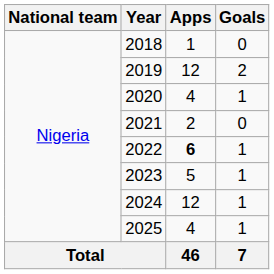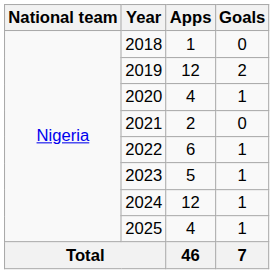 <table class="wikitable" style="text-align:center">
 <tr>
 <th>National team</th>
 <th>Year</th>
 <th>Apps</th>
 <th>Goals</th>
 </tr>
 <tr>
 <td rowspan="8"><a href='#'>Nigeria</a></td>
 <td>2018</td>
 <td>1</td>
 <td>0</td>
 </tr>
 <tr>
 <td>2019</td>
 <td>12</td>
 <td>2</td>
 </tr>
 <tr>
 <td>2020</td>
 <td>4</td>
 <td>1</td>
 </tr>
 <tr>
 <td>2021</td>
 <td>2</td>
 <td>0</td>
 </tr>
 <tr>
 <td>2022</td>
-<td><strong>6</strong></td>
+<td>6</td>
 <td>1</td>
 </tr>
 <tr>
 <td>2023</td>
 <td>5</td>
 <td>1</td>
 </tr>
 <tr>
 <td>2024</td>
 <td>12</td>
 <td>1</td>
 </tr>
 <tr>
 <td>2025</td>
 <td>4</td>
 <td>1</td>
 </tr>
 <tr>
 <th colspan="2">Total</th>
 <th>46</th>
 <th>7</th>
 </tr>
 </table>
